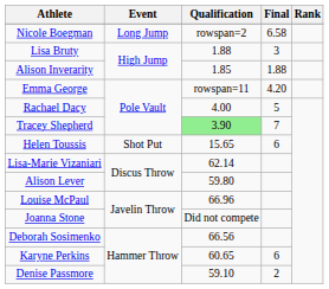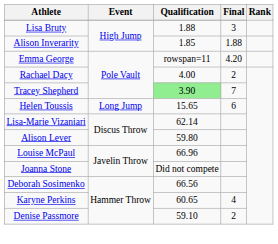 <table class="wikitable" style="font-size:90%">
 <tr>
 <th>Athlete</th>
 <th>Event</th>
 <th>Qualification</th>
 <th>Final</th>
 <th>Rank</th>
 </tr>
 <tr style="font-size:95%">
-</tr>
-<tr align=center>
-<td><a href='#'>Nicole Boegman</a></td>
-<td><a href='#'>Long Jump</a></td>
-<td>rowspan=2</td>
-<td>6.58</td>
-<td></td>
 </tr>
 <tr align=center>
 <td><a href='#'>Lisa Bruty</a></td>
 <td rowspan=2><a href='#'>High Jump</a></td>
 <td>1.88</td>
 <td>3</td>
 </tr>
 <tr align=center>
 <td><a href='#'>Alison Inverarity</a></td>
 <td>1.85</td>
 <td>1.88</td>
 <td></td>
 </tr>
 <tr align=center>
 <td><a href='#'>Emma George</a></td>
 <td rowspan=3><a href='#'>Pole Vault</a></td>
 <td>rowspan=11</td>
 <td>4.20</td>
 <td></td>
 </tr>
 <tr align=center>
 <td><a href='#'>Rachael Dacy</a></td>
 <td>4.00</td>
-<td>5</td>
+<td>2</td>
 </tr>
 <tr align=center>
 <td><a href='#'>Tracey Shepherd</a></td>
 <td style="background: lightgreen;">3.90</td>
 <td>7</td>
 </tr>
 <tr align=center>
 <td><a href='#'>Helen Toussis</a></td>
-<td>Shot Put</td>
+<td><a href='#'>Long Jump</a></td>
 <td>15.65</td>
 <td>6</td>
 </tr>
 <tr align=center>
 <td><a href='#'>Lisa-Marie Vizaniari</a></td>
 <td rowspan=2>Discus Throw</td>
 <td>62.14</td>
 <td></td>
 </tr>
 <tr align=center>
 <td><a href='#'>Alison Lever</a></td>
 <td>59.80</td>
 <td></td>
 </tr>
 <tr align=center>
 <td><a href='#'>Louise McPaul</a></td>
 <td rowspan=2>Javelin Throw</td>
 <td>66.96</td>
 <td></td>
 </tr>
 <tr align=center>
 <td><a href='#'>Joanna Stone</a></td>
 <td>Did not compete</td>
 <td></td>
 </tr>
 <tr align=center>
 <td><a href='#'>Deborah Sosimenko</a></td>
 <td rowspan=3>Hammer Throw</td>
 <td>66.56</td>
 <td></td>
 </tr>
 <tr align=center>
 <td><a href='#'>Karyne Perkins</a></td>
 <td>60.65</td>
-<td>6</td>
+<td>4</td>
 </tr>
 <tr align=center>
 <td><a href='#'>Denise Passmore</a></td>
 <td>59.10</td>
 <td>2</td>
 </tr>
 </table>
